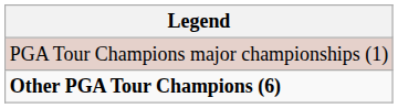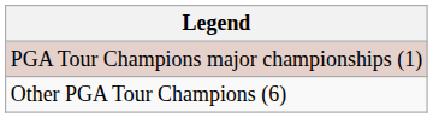 <table class="wikitable" style="font-size:95%;">
 <tr>
 <th>Legend</th>
 </tr>
 <tr style="background:#e5d1cb;">
 <td>PGA Tour Champions major championships (1)</td>
 </tr>
 <tr>
-<td><strong>Other PGA Tour Champions (6)</strong></td>
+<td>Other PGA Tour Champions (6)</td>
 </tr>
 </table>
